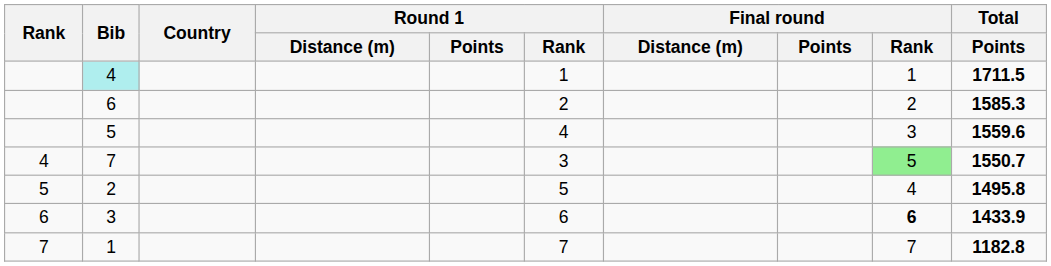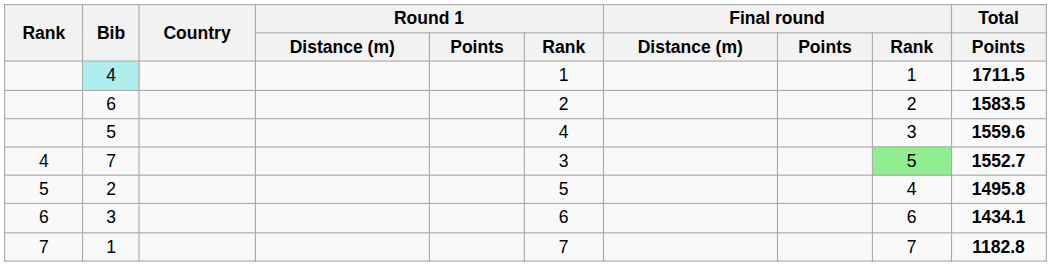 <table class="wikitable sortable" style="text-align:center;font-size:97%" width=73%>
 <tr>
 <th rowspan=2>Rank</th>
 <th rowspan=2>Bib</th>
 <th rowspan=2>Country</th>
 <th colspan=3>Round 1</th>
 <th colspan=3>Final round</th>
 <th>Total</th>
 </tr>
 <tr>
 <th>Distance (m)</th>
 <th>Points</th>
 <th>Rank</th>
 <th>Distance (m)</th>
 <th>Points</th>
 <th>Rank</th>
 <th>Points</th>
 </tr>
 <tr>
 <td></td>
 <td style="background: paleturquoise;">4</td>
 <td align=left><br></td>
 <td></td>
 <td></td>
 <td>1</td>
 <td></td>
 <td></td>
 <td>1</td>
 <td><strong>1711.5</strong></td>
 </tr>
 <tr>
 <td></td>
 <td>6</td>
 <td align=left><br></td>
 <td></td>
 <td></td>
 <td>2</td>
 <td></td>
 <td></td>
 <td>2</td>
-<td><strong>1585.3</strong></td>
+<td><strong>1583.5</strong></td>
 </tr>
 <tr>
 <td></td>
 <td>5</td>
 <td align=left><br></td>
 <td></td>
 <td></td>
 <td>4</td>
 <td></td>
 <td></td>
 <td>3</td>
 <td><strong>1559.6</strong></td>
 </tr>
 <tr>
 <td>4</td>
 <td>7</td>
 <td align=left><br></td>
 <td></td>
 <td></td>
 <td>3</td>
 <td></td>
 <td></td>
 <td style="background: lightgreen;">5</td>
-<td><strong>1550.7</strong></td>
+<td><strong>1552.7</strong></td>
 </tr>
 <tr>
 <td>5</td>
 <td>2</td>
 <td align=left><br></td>
 <td></td>
 <td></td>
 <td>5</td>
 <td></td>
 <td></td>
 <td>4</td>
 <td><strong>1495.8</strong></td>
 </tr>
 <tr>
 <td>6</td>
 <td>3</td>
 <td align=left><br></td>
 <td></td>
 <td></td>
 <td>6</td>
 <td></td>
 <td></td>
-<td><strong>6</strong></td>
-<td><strong>1433.9</strong></td>
+<td>6</td>
+<td><strong>1434.1</strong></td>
 </tr>
 <tr>
 <td>7</td>
 <td>1</td>
 <td align=left><br></td>
 <td></td>
 <td></td>
 <td>7</td>
 <td></td>
 <td></td>
 <td>7</td>
 <td><strong>1182.8</strong></td>
 </tr>
 </table>
